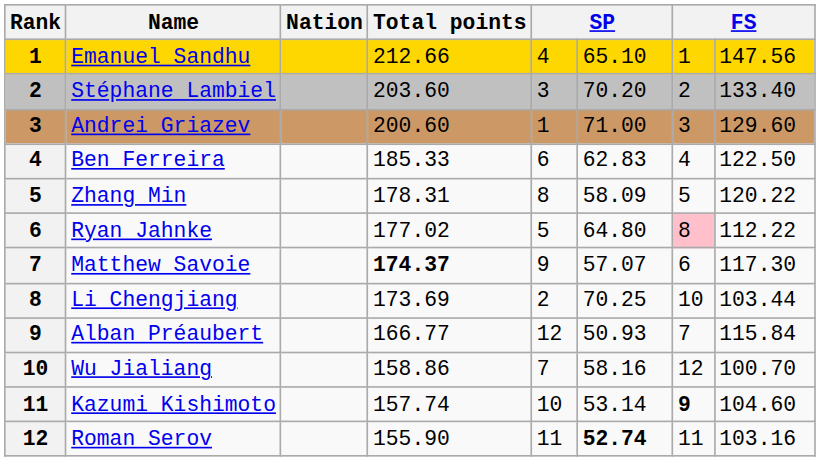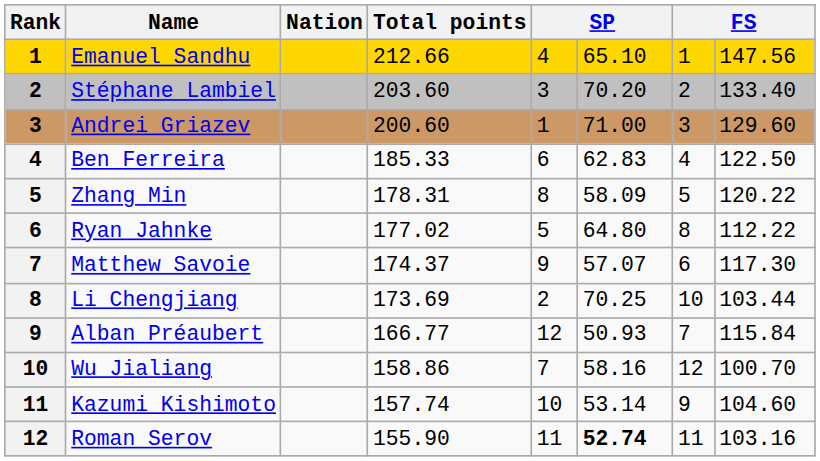 <table class="wikitable">
 <tr>
 <th>Rank</th>
 <th>Name</th>
 <th>Nation</th>
 <th>Total points</th>
 <th colspan="2" width="80px"><a href='#'>SP</a></th>
 <th colspan="2" width="80px"><a href='#'>FS</a></th>
 </tr>
 <tr bgcolor="gold">
 <td align="center"><strong>1</strong></td>
 <td><a href='#'>Emanuel Sandhu</a></td>
 <td></td>
 <td>212.66</td>
 <td>4</td>
 <td>65.10</td>
 <td>1</td>
 <td>147.56</td>
 </tr>
 <tr bgcolor="silver">
 <td align="center"><strong>2</strong></td>
 <td><a href='#'>Stéphane Lambiel</a></td>
 <td></td>
 <td>203.60</td>
 <td>3</td>
 <td>70.20</td>
 <td>2</td>
 <td>133.40</td>
 </tr>
 <tr bgcolor="cc9966">
 <td align="center"><strong>3</strong></td>
 <td><a href='#'>Andrei Griazev</a></td>
 <td></td>
 <td>200.60</td>
 <td>1</td>
 <td>71.00</td>
 <td>3</td>
 <td>129.60</td>
 </tr>
 <tr>
 <th>4</th>
 <td><a href='#'>Ben Ferreira</a></td>
 <td></td>
 <td>185.33</td>
 <td>6</td>
 <td>62.83</td>
 <td>4</td>
 <td>122.50</td>
 </tr>
 <tr>
 <th>5</th>
 <td><a href='#'>Zhang Min</a></td>
 <td></td>
 <td>178.31</td>
 <td>8</td>
 <td>58.09</td>
 <td>5</td>
 <td>120.22</td>
 </tr>
 <tr>
 <th>6</th>
 <td><a href='#'>Ryan Jahnke</a></td>
 <td></td>
 <td>177.02</td>
 <td>5</td>
 <td>64.80</td>
-<td style="background: pink;">8</td>
+<td>8</td>
 <td>112.22</td>
 </tr>
 <tr>
 <th>7</th>
 <td><a href='#'>Matthew Savoie</a></td>
 <td></td>
-<td><strong>174.37</strong></td>
+<td>174.37</td>
 <td>9</td>
 <td>57.07</td>
 <td>6</td>
 <td>117.30</td>
 </tr>
 <tr>
 <th>8</th>
 <td><a href='#'>Li Chengjiang</a></td>
 <td></td>
 <td>173.69</td>
 <td>2</td>
 <td>70.25</td>
 <td>10</td>
 <td>103.44</td>
 </tr>
 <tr>
 <th>9</th>
 <td><a href='#'>Alban Préaubert</a></td>
 <td></td>
 <td>166.77</td>
 <td>12</td>
 <td>50.93</td>
 <td>7</td>
 <td>115.84</td>
 </tr>
 <tr>
 <th>10</th>
 <td><a href='#'>Wu Jialiang</a></td>
 <td></td>
 <td>158.86</td>
 <td>7</td>
 <td>58.16</td>
 <td>12</td>
 <td>100.70</td>
 </tr>
 <tr>
 <th>11</th>
 <td><a href='#'>Kazumi Kishimoto</a></td>
 <td></td>
 <td>157.74</td>
 <td>10</td>
 <td>53.14</td>
-<td><strong>9</strong></td>
+<td>9</td>
 <td>104.60</td>
 </tr>
 <tr>
 <th>12</th>
 <td><a href='#'>Roman Serov</a></td>
 <td></td>
 <td>155.90</td>
 <td>11</td>
 <td><strong>52.74</strong></td>
 <td>11</td>
 <td>103.16</td>
 </tr>
 </table>
